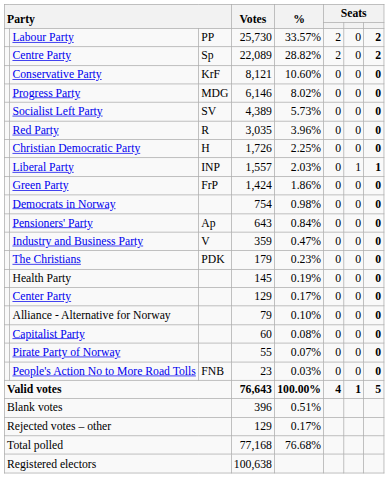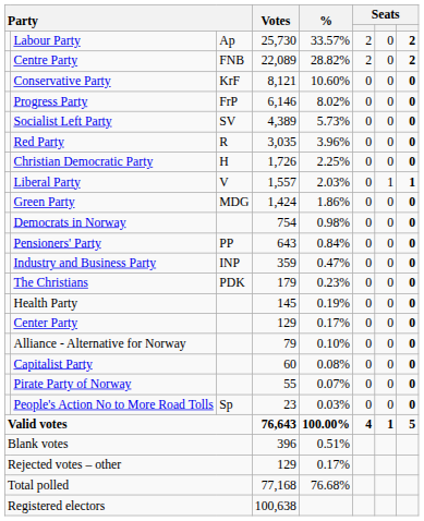 <table class="wikitable" border="1" style="text-align:right;">
 <tr>
 <th style="text-align:left;" valign=bottom rowspan=2 colspan=3>Party</th>
 <th align=center valign=bottom rowspan=2 width="50">Votes</th>
 <th align=center valign=bottom rowspan=2 width="50">%</th>
 <th colspan=3>Seats</th>
 </tr>
 <tr>
 <th align=center valign=bottom width="20"><small></small></th>
 <th align=center valign=bottom width="20"><small><a href='#'></a></small></th>
 <th align=center valign=bottom width="20"><small></small></th>
 </tr>
 <tr>
 <td></td>
 <td align=left><a href='#'>Labour Party</a></td>
-<td align=left>PP</td>
+<td align=left>Ap</td>
 <td>25,730</td>
 <td>33.57%</td>
 <td>2</td>
 <td>0</td>
 <td><strong>2</strong></td>
 </tr>
 <tr>
 <td></td>
 <td align=left><a href='#'>Centre Party</a></td>
-<td align=left>Sp</td>
+<td align=left>FNB</td>
 <td>22,089</td>
 <td>28.82%</td>
 <td>2</td>
 <td>0</td>
 <td><strong>2</strong></td>
 </tr>
 <tr>
 <td></td>
 <td align=left><a href='#'>Conservative Party</a></td>
 <td align=left>KrF</td>
 <td>8,121</td>
 <td>10.60%</td>
 <td>0</td>
 <td>0</td>
 <td><strong>0</strong></td>
 </tr>
 <tr>
 <td></td>
 <td align=left><a href='#'>Progress Party</a></td>
-<td align=left>MDG</td>
+<td align=left>FrP</td>
 <td>6,146</td>
 <td>8.02%</td>
 <td>0</td>
 <td>0</td>
 <td><strong>0</strong></td>
 </tr>
 <tr>
 <td></td>
 <td align=left><a href='#'>Socialist Left Party</a></td>
 <td align=left>SV</td>
 <td>4,389</td>
 <td>5.73%</td>
 <td>0</td>
 <td>0</td>
 <td><strong>0</strong></td>
 </tr>
 <tr>
 <td></td>
 <td align=left><a href='#'>Red Party</a></td>
 <td align=left>R</td>
 <td>3,035</td>
 <td>3.96%</td>
 <td>0</td>
 <td>0</td>
 <td><strong>0</strong></td>
 </tr>
 <tr>
 <td></td>
 <td align=left><a href='#'>Christian Democratic Party</a></td>
 <td align=left>H</td>
 <td>1,726</td>
 <td>2.25%</td>
 <td>0</td>
 <td>0</td>
 <td><strong>0</strong></td>
 </tr>
 <tr>
 <td></td>
 <td align=left><a href='#'>Liberal Party</a></td>
-<td align=left>INP</td>
+<td align=left>V</td>
 <td>1,557</td>
 <td>2.03%</td>
 <td>0</td>
 <td>1</td>
 <td><strong>1</strong></td>
 </tr>
 <tr>
 <td></td>
 <td align=left><a href='#'>Green Party</a></td>
-<td align=left>FrP</td>
+<td align=left>MDG</td>
 <td>1,424</td>
 <td>1.86%</td>
 <td>0</td>
 <td>0</td>
 <td><strong>0</strong></td>
 </tr>
 <tr>
 <td></td>
 <td align=left><a href='#'>Democrats in Norway</a></td>
 <td align=left></td>
 <td>754</td>
 <td>0.98%</td>
 <td>0</td>
 <td>0</td>
 <td><strong>0</strong></td>
 </tr>
 <tr>
 <td></td>
 <td align=left><a href='#'>Pensioners' Party</a></td>
-<td align=left>Ap</td>
+<td align=left>PP</td>
 <td>643</td>
 <td>0.84%</td>
 <td>0</td>
 <td>0</td>
 <td><strong>0</strong></td>
 </tr>
 <tr>
 <td></td>
 <td align=left><a href='#'>Industry and Business Party</a></td>
-<td align=left>V</td>
+<td align=left>INP</td>
 <td>359</td>
 <td>0.47%</td>
 <td>0</td>
 <td>0</td>
 <td><strong>0</strong></td>
 </tr>
 <tr>
 <td></td>
 <td align=left><a href='#'>The Christians</a></td>
 <td align=left>PDK</td>
 <td>179</td>
 <td>0.23%</td>
 <td>0</td>
 <td>0</td>
 <td><strong>0</strong></td>
 </tr>
 <tr>
 <td></td>
 <td align=left>Health Party</td>
 <td align=left></td>
 <td>145</td>
 <td>0.19%</td>
 <td>0</td>
 <td>0</td>
 <td><strong>0</strong></td>
 </tr>
 <tr>
 <td></td>
 <td align=left><a href='#'>Center Party</a></td>
 <td align=left></td>
 <td>129</td>
 <td>0.17%</td>
 <td>0</td>
 <td>0</td>
 <td><strong>0</strong></td>
 </tr>
 <tr>
 <td></td>
 <td align=left>Alliance - Alternative for Norway</td>
 <td align=left></td>
 <td>79</td>
 <td>0.10%</td>
 <td>0</td>
 <td>0</td>
 <td><strong>0</strong></td>
 </tr>
 <tr>
 <td></td>
 <td align=left><a href='#'>Capitalist Party</a></td>
 <td align=left></td>
 <td>60</td>
 <td>0.08%</td>
 <td>0</td>
 <td>0</td>
 <td><strong>0</strong></td>
 </tr>
 <tr>
 <td></td>
 <td align=left><a href='#'>Pirate Party of Norway</a></td>
 <td align=left></td>
 <td>55</td>
 <td>0.07%</td>
 <td>0</td>
 <td>0</td>
 <td><strong>0</strong></td>
 </tr>
 <tr>
 <td></td>
 <td align=left><a href='#'>People's Action No to More Road Tolls</a></td>
-<td align=left>FNB</td>
+<td align=left>Sp</td>
 <td>23</td>
 <td>0.03%</td>
 <td>0</td>
 <td>0</td>
 <td><strong>0</strong></td>
 </tr>
 <tr style="font-weight:bold">
 <td align=left colspan=3>Valid votes</td>
 <td>76,643</td>
 <td>100.00%</td>
 <td>4</td>
 <td>1</td>
 <td>5</td>
 </tr>
 <tr>
 <td align=left colspan=3>Blank votes</td>
 <td>396</td>
 <td>0.51%</td>
 <td></td>
 <td></td>
 <td></td>
 </tr>
 <tr>
 <td align=left colspan=3>Rejected votes – other</td>
 <td>129</td>
 <td>0.17%</td>
 <td></td>
 <td></td>
 <td></td>
 </tr>
 <tr>
 <td align=left colspan=3>Total polled</td>
 <td>77,168</td>
 <td>76.68%</td>
 <td></td>
 <td></td>
 <td></td>
 </tr>
 <tr>
 <td align=left colspan=3>Registered electors</td>
 <td>100,638</td>
 <td></td>
 <td></td>
 <td></td>
 <td></td>
 </tr>
 </table>
